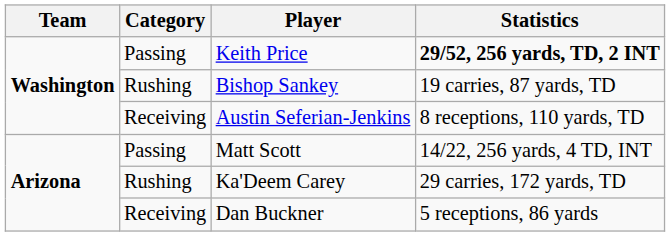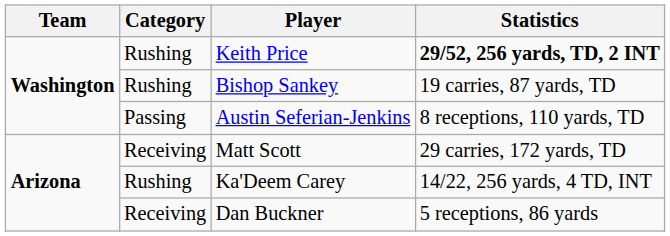 <table class="wikitable" style="float: right;">
 <tr>
 <th>Team</th>
 <th>Category</th>
 <th>Player</th>
 <th>Statistics</th>
 </tr>
 <tr>
 <td rowspan=3><strong>Washington</strong></td>
-<td>Passing</td>
+<td>Rushing</td>
 <td><a href='#'>Keith Price</a></td>
 <td><strong>29/52, 256 yards, TD, 2 INT</strong></td>
 </tr>
 <tr>
 <td>Rushing</td>
 <td><a href='#'>Bishop Sankey</a></td>
 <td>19 carries, 87 yards, TD</td>
 </tr>
 <tr>
-<td>Receiving</td>
+<td>Passing</td>
 <td><a href='#'>Austin Seferian-Jenkins</a></td>
 <td>8 receptions, 110 yards, TD</td>
 </tr>
 <tr>
 <td rowspan=3><strong>Arizona</strong></td>
-<td>Passing</td>
+<td>Receiving</td>
 <td>Matt Scott</td>
-<td>14/22, 256 yards, 4 TD, INT</td>
+<td>29 carries, 172 yards, TD</td>
 </tr>
 <tr>
 <td>Rushing</td>
 <td>Ka'Deem Carey</td>
-<td>29 carries, 172 yards, TD</td>
+<td>14/22, 256 yards, 4 TD, INT</td>
 </tr>
 <tr>
 <td>Receiving</td>
 <td>Dan Buckner</td>
 <td>5 receptions, 86 yards</td>
 </tr>
 </table>
